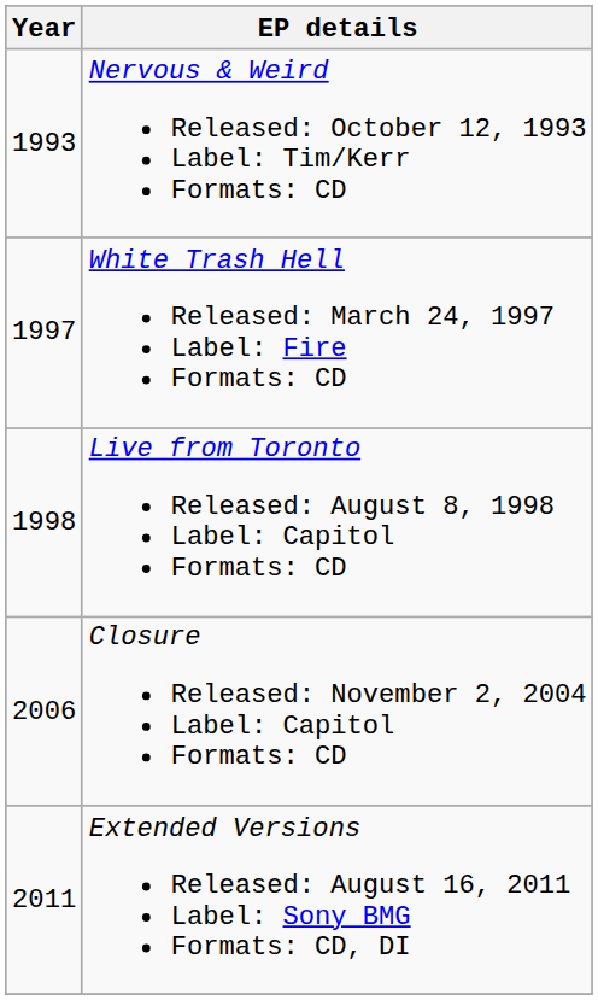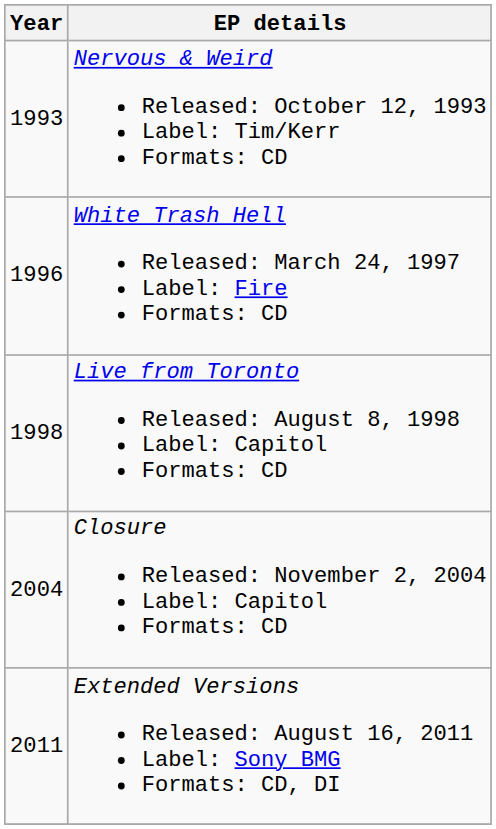 <table class ="wikitable">
 <tr>
 <th>Year</th>
 <th>EP details</th>
 </tr>
 <tr>
 <td align="center">1993</td>
 <td><em><a href='#'>Nervous & Weird</a></em><br><ul><li>Released: October 12, 1993</li><li>Label: Tim/Kerr</li><li>Formats: CD</li></ul></td>
 </tr>
 <tr>
-<td align="center">1997</td>
+<td align="center">1996</td>
 <td><em><a href='#'>White Trash Hell</a></em><br><ul><li>Released: March 24, 1997</li><li>Label: <a href='#'>Fire</a></li><li>Formats: CD</li></ul></td>
 </tr>
 <tr>
 <td align="center">1998</td>
 <td><em><a href='#'>Live from Toronto</a></em><br><ul><li>Released: August 8, 1998</li><li>Label: Capitol</li><li>Formats: CD</li></ul></td>
 </tr>
 <tr>
-<td align="center">2006</td>
+<td align="center">2004</td>
 <td><em>Closure</em><br><ul><li>Released: November 2, 2004</li><li>Label: Capitol</li><li>Formats: CD</li></ul></td>
 </tr>
 <tr>
 <td align="center">2011</td>
 <td><em>Extended Versions</em><br><ul><li>Released: August 16, 2011</li><li>Label: <a href='#'>Sony BMG</a></li><li>Formats: CD, DI</li></ul></td>
 </tr>
 <tr>
 </tr>
 </table>
